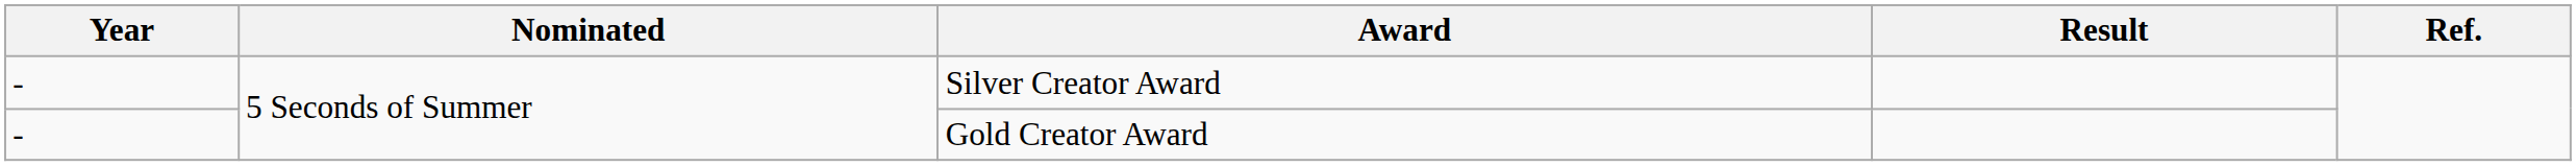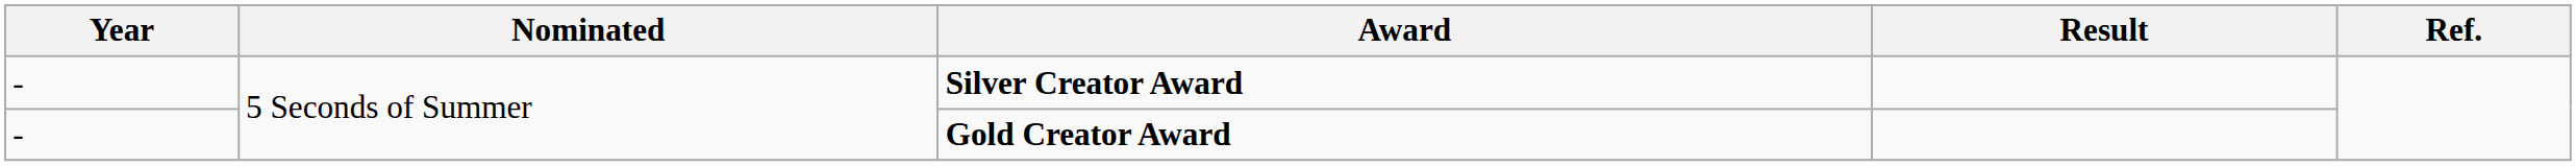 <table class="wikitable" style="width:100%;">
 <tr>
 <th width=5%>Year</th>
 <th style="width:15%;">Nominated</th>
 <th style="width:20%;">Award</th>
 <th style="width:10%;">Result</th>
 <th style="width:5%;">Ref.</th>
 </tr>
 <tr>
 <td>-</td>
 <td rowspan="2">5 Seconds of Summer</td>
-<td>Silver Creator Award</td>
+<td><strong>Silver Creator Award</strong></td>
 <td></td>
 <td rowspan="2"></td>
 </tr>
 <tr>
 <td>-</td>
-<td>Gold Creator Award</td>
+<td><strong>Gold Creator Award</strong></td>
 <td></td>
 </tr>
 </table>
